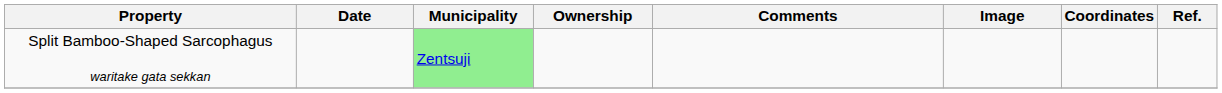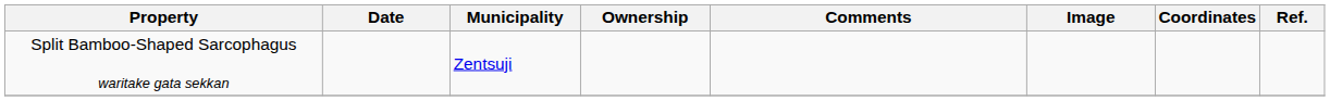 <table class="wikitable sortable"  style="width:100%;">
 <tr>
 <th width="25%" align="left">Property</th>
 <th width="10%" align="left">Date</th>
 <th width="10%" align="left">Municipality</th>
 <th width="10%" align="left">Ownership</th>
 <th width="25%" align="left" class="unsortable">Comments</th>
 <th width="10%" align="left" class="unsortable">Image</th>
 <th width="5%" align="left" class="unsortable">Coordinates</th>
 <th width="5%" align="left" class="unsortable">Ref.</th>
 </tr>
 <tr>
 <td align="center">Split Bamboo-Shaped Sarcophagus<br><br><small><em>waritake gata sekkan</em></small></td>
 <td></td>
-<td style="background: lightgreen;"><a href='#'>Zentsuji</a></td>
+<td><a href='#'>Zentsuji</a></td>
 <td></td>
 <td></td>
 <td></td>
 <td></td>
 <td></td>
 </tr>
 <tr>
 </tr>
 </table>
